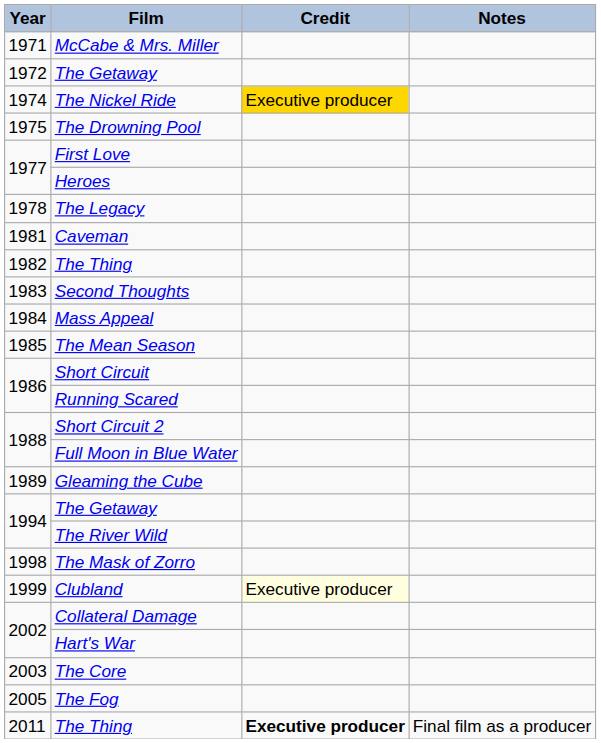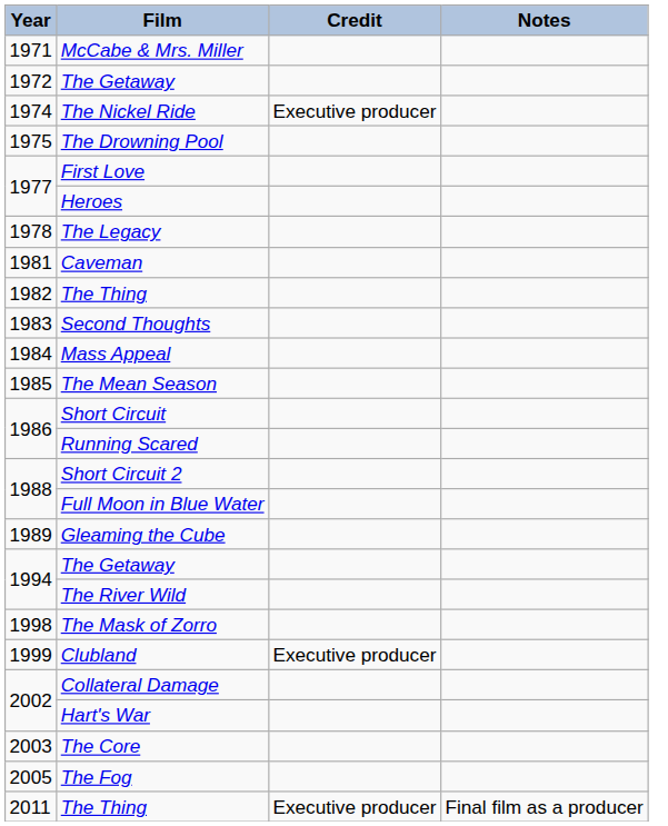 <table class="wikitable" style="font-size:95%;">
 <tr>
 <th style="background:#B0C4DE;">Year</th>
 <th style="background:#B0C4DE;">Film</th>
 <th style="background:#B0C4DE;">Credit</th>
 <th style="background:#B0C4DE;">Notes</th>
 </tr>
 <tr>
 <td>1971</td>
 <td><em><a href='#'>McCabe & Mrs. Miller</a></em></td>
 <td></td>
 <td></td>
 </tr>
 <tr>
 <td>1972</td>
 <td><em><a href='#'>The Getaway</a></em></td>
 <td></td>
 <td></td>
 </tr>
 <tr>
 <td>1974</td>
 <td><em><a href='#'>The Nickel Ride</a></em></td>
-<td style="background: gold;">Executive producer</td>
+<td>Executive producer</td>
 <td></td>
 </tr>
 <tr>
 <td>1975</td>
 <td><em><a href='#'>The Drowning Pool</a></em></td>
 <td></td>
 <td></td>
 </tr>
 <tr>
 <td rowspan=2>1977</td>
 <td><em><a href='#'>First Love</a></em></td>
 <td></td>
 <td></td>
 </tr>
 <tr>
 <td><em><a href='#'>Heroes</a></em></td>
 <td></td>
 <td></td>
 </tr>
 <tr>
 <td>1978</td>
 <td><em><a href='#'>The Legacy</a></em></td>
 <td></td>
 <td></td>
 </tr>
 <tr>
 <td>1981</td>
 <td><em><a href='#'>Caveman</a></em></td>
 <td></td>
 <td></td>
 </tr>
 <tr>
 <td>1982</td>
 <td><em><a href='#'>The Thing</a></em></td>
 <td></td>
 <td></td>
 </tr>
 <tr>
 <td>1983</td>
 <td><em><a href='#'>Second Thoughts</a></em></td>
 <td></td>
 <td></td>
 </tr>
 <tr>
 <td>1984</td>
 <td><em><a href='#'>Mass Appeal</a></em></td>
 <td></td>
 <td></td>
 </tr>
 <tr>
 <td>1985</td>
 <td><em><a href='#'>The Mean Season</a></em></td>
 <td></td>
 <td></td>
 </tr>
 <tr>
 <td rowspan=2>1986</td>
 <td><em><a href='#'>Short Circuit</a></em></td>
 <td></td>
 <td></td>
 </tr>
 <tr>
 <td><em><a href='#'>Running Scared</a></em></td>
 <td></td>
 <td></td>
 </tr>
 <tr>
 <td rowspan=2>1988</td>
 <td><em><a href='#'>Short Circuit 2</a></em></td>
 <td></td>
 <td></td>
 </tr>
 <tr>
 <td><em><a href='#'>Full Moon in Blue Water</a></em></td>
 <td></td>
 <td></td>
 </tr>
 <tr>
 <td>1989</td>
 <td><em><a href='#'>Gleaming the Cube</a></em></td>
 <td></td>
 <td></td>
 </tr>
 <tr>
 <td rowspan=2>1994</td>
 <td><em><a href='#'>The Getaway</a></em></td>
 <td></td>
 <td></td>
 </tr>
 <tr>
 <td><em><a href='#'>The River Wild</a></em></td>
 <td></td>
 <td></td>
 </tr>
 <tr>
 <td>1998</td>
 <td><em><a href='#'>The Mask of Zorro</a></em></td>
 <td></td>
 <td></td>
 </tr>
 <tr>
 <td>1999</td>
 <td><em><a href='#'>Clubland</a></em></td>
-<td style="background: lightyellow;">Executive producer</td>
+<td>Executive producer</td>
 <td></td>
 </tr>
 <tr>
 <td rowspan=2>2002</td>
 <td><em><a href='#'>Collateral Damage</a></em></td>
 <td></td>
 <td></td>
 </tr>
 <tr>
 <td><em><a href='#'>Hart's War</a></em></td>
 <td></td>
 <td></td>
 </tr>
 <tr>
 <td>2003</td>
 <td><em><a href='#'>The Core</a></em></td>
 <td></td>
 <td></td>
 </tr>
 <tr>
 <td>2005</td>
 <td><em><a href='#'>The Fog</a></em></td>
 <td></td>
 <td></td>
 </tr>
 <tr>
 <td>2011</td>
 <td><em><a href='#'>The Thing</a></em></td>
-<td><strong>Executive producer</strong></td>
+<td>Executive producer</td>
 <td>Final film as a producer</td>
 </tr>
 </table>
